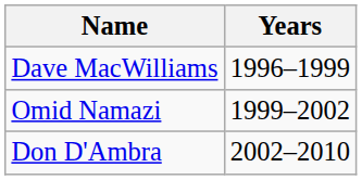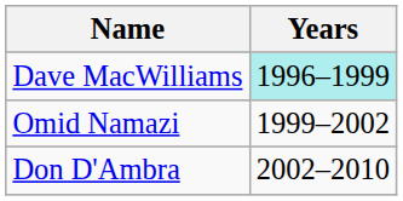 <table class="wikitable">
 <tr>
 <th>Name</th>
 <th>Years</th>
 </tr>
 <tr>
 <td> <a href='#'>Dave MacWilliams</a></td>
-<td>1996–1999</td>
+<td style="background: paleturquoise;">1996–1999</td>
 </tr>
 <tr>
 <td> <a href='#'>Omid Namazi</a></td>
 <td>1999–2002</td>
 </tr>
 <tr>
 <td> <a href='#'>Don D'Ambra</a></td>
 <td>2002–2010</td>
 </tr>
 </table>
